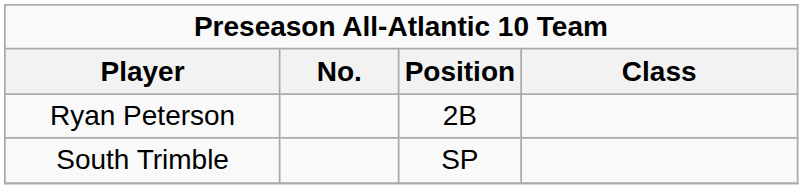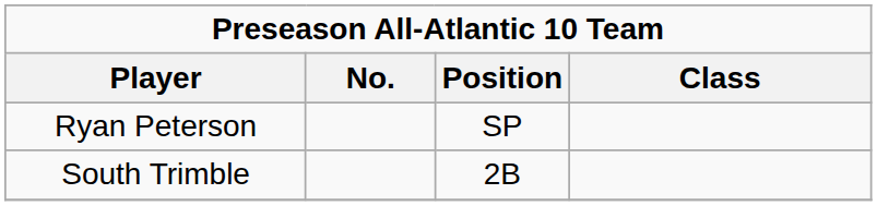 <table class="wikitable" style="text-align:center">
 <tr>
 <td colspan="5"><strong>Preseason All-Atlantic 10 Team</strong></td>
 </tr>
 <tr>
 <th style="width:150px; ">Player</th>
 <th style="width:60px; ">No.</th>
 <th style="width:60px; ">Position</th>
 <th style="width:150px; ">Class</th>
 </tr>
 <tr>
 <td>Ryan Peterson</td>
 <td></td>
-<td>2B</td>
+<td>SP</td>
 <td></td>
 </tr>
 <tr>
 <td>South Trimble</td>
 <td></td>
-<td>SP</td>
+<td>2B</td>
 <td></td>
 </tr>
 <tr>
 </tr>
 </table>
